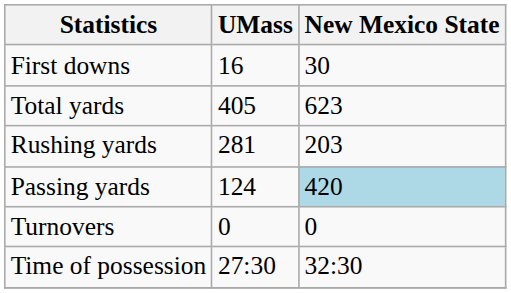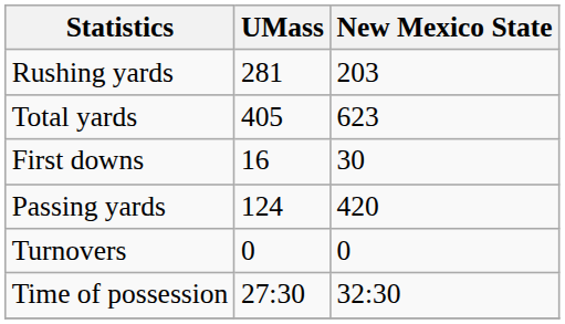 <table class="wikitable">
 <tr>
 <th>Statistics</th>
 <th>UMass</th>
 <th>New Mexico State</th>
 </tr>
 <tr>
-<td>First downs</td>
-<td>16</td>
-<td>30</td>
+<td>Rushing yards</td>
+<td>281</td>
+<td>203</td>
 </tr>
 <tr>
 <td>Total yards</td>
 <td>405</td>
 <td>623</td>
 </tr>
 <tr>
-<td>Rushing yards</td>
-<td>281</td>
-<td>203</td>
+<td>First downs</td>
+<td>16</td>
+<td>30</td>
 </tr>
 <tr>
 <td>Passing yards</td>
 <td>124</td>
-<td style="background: lightblue;">420</td>
+<td>420</td>
 </tr>
 <tr>
 <td>Turnovers</td>
 <td>0</td>
 <td>0</td>
 </tr>
 <tr>
 <td>Time of possession</td>
 <td>27:30</td>
 <td>32:30</td>
 </tr>
 <tr>
 </tr>
 </table>
